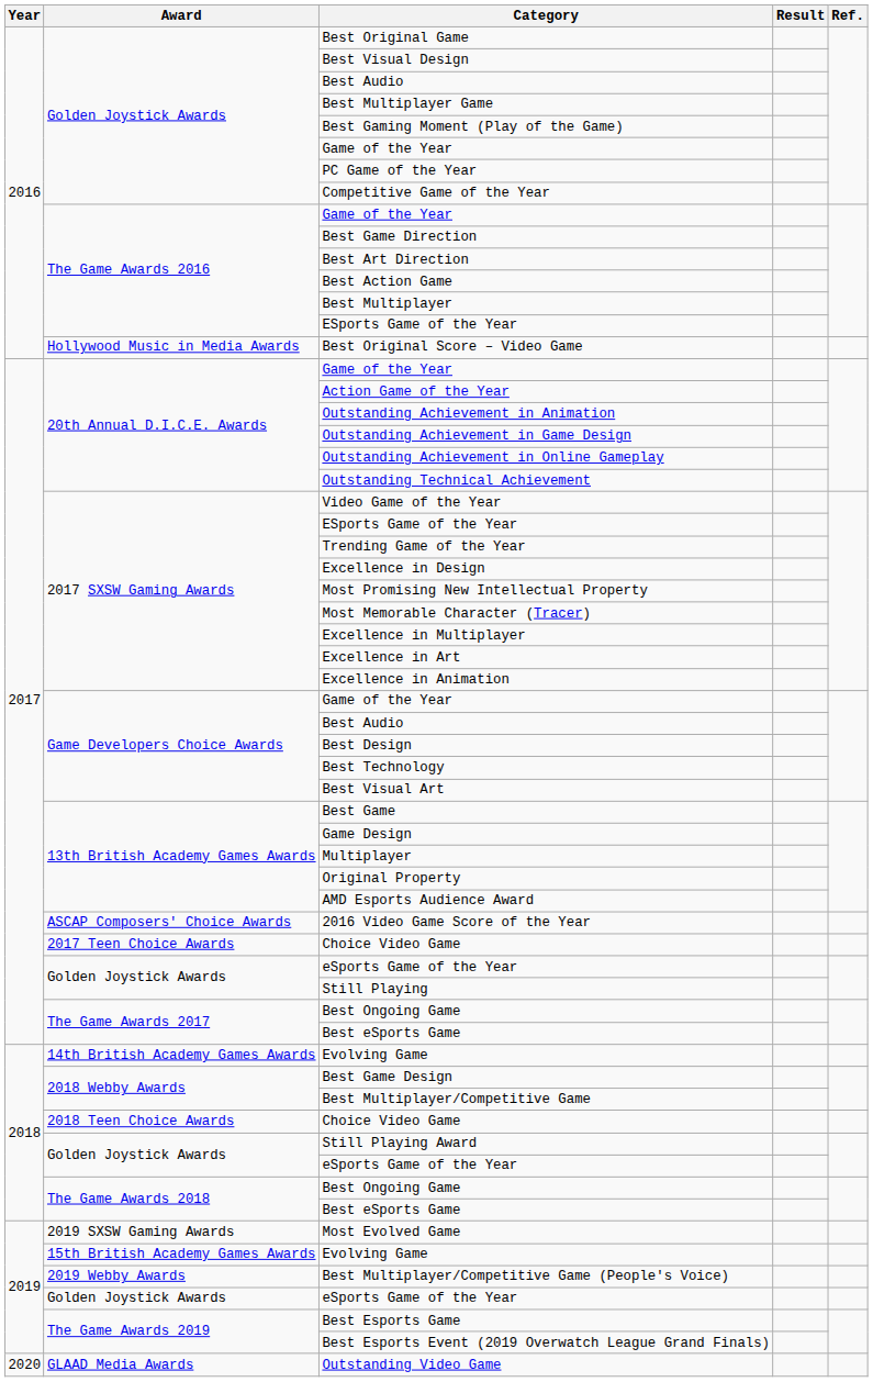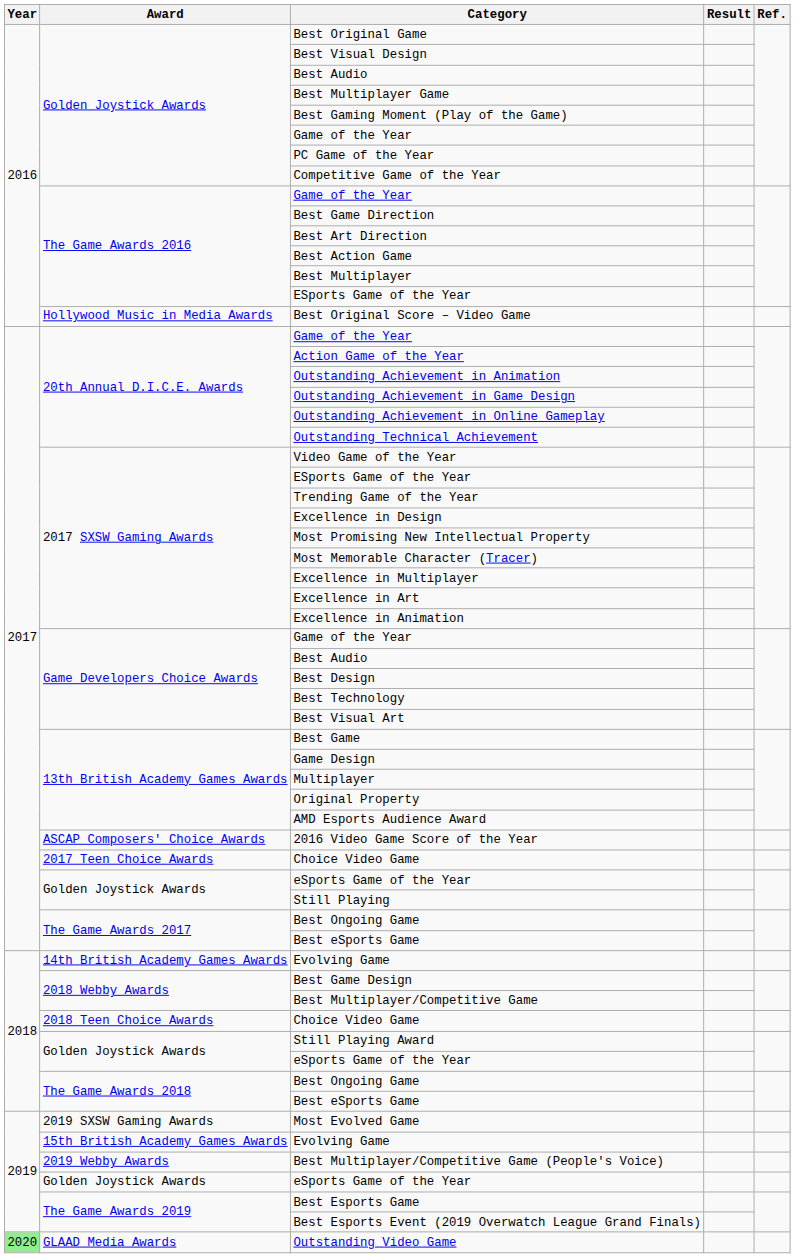 <table class="wikitable sortable mw-collapsible">
 <tr>
 <th>Year</th>
 <th>Award</th>
 <th>Category</th>
 <th>Result</th>
 <th>Ref.</th>
 </tr>
 <tr>
 <td rowspan="15" style="text-align:center;">2016</td>
 <td rowspan="8"><a href='#'>Golden Joystick Awards</a></td>
 <td>Best Original Game</td>
 <td></td>
 <td rowspan="8" style="text-align:center;"></td>
 </tr>
 <tr>
 <td>Best Visual Design</td>
 <td></td>
 </tr>
 <tr>
 <td>Best Audio</td>
 <td></td>
 </tr>
 <tr>
 <td>Best Multiplayer Game</td>
 <td></td>
 </tr>
 <tr>
 <td>Best Gaming Moment (Play of the Game)</td>
 <td></td>
 </tr>
 <tr>
 <td>Game of the Year</td>
 <td></td>
 </tr>
 <tr>
 <td>PC Game of the Year</td>
 <td></td>
 </tr>
 <tr>
 <td>Competitive Game of the Year</td>
 <td></td>
 </tr>
 <tr>
 <td rowspan="6"><a href='#'>The Game Awards 2016</a></td>
 <td><a href='#'>Game of the Year</a></td>
 <td></td>
 <td rowspan="6" style="text-align:center;"></td>
 </tr>
 <tr>
 <td>Best Game Direction</td>
 <td></td>
 </tr>
 <tr>
 <td>Best Art Direction</td>
 <td></td>
 </tr>
 <tr>
 <td>Best Action Game</td>
 <td></td>
 </tr>
 <tr>
 <td>Best Multiplayer</td>
 <td></td>
 </tr>
 <tr>
 <td>ESports Game of the Year</td>
 <td></td>
 </tr>
 <tr>
 <td rowspan="1"><a href='#'>Hollywood Music in Media Awards</a></td>
 <td>Best Original Score – Video Game</td>
 <td></td>
 <td style="text-align:center;"></td>
 </tr>
 <tr>
 <td rowspan="31" style="text-align:center;">2017</td>
 <td rowspan="6"><a href='#'>20th Annual D.I.C.E. Awards</a></td>
 <td><a href='#'>Game of the Year</a></td>
 <td></td>
 <td rowspan="6" style="text-align:center;"></td>
 </tr>
 <tr>
 <td><a href='#'>Action Game of the Year</a></td>
 <td></td>
 </tr>
 <tr>
 <td><a href='#'>Outstanding Achievement in Animation</a></td>
 <td></td>
 </tr>
 <tr>
 <td><a href='#'>Outstanding Achievement in Game Design</a></td>
 <td></td>
 </tr>
 <tr>
 <td><a href='#'>Outstanding Achievement in Online Gameplay</a></td>
 <td></td>
 </tr>
 <tr>
 <td><a href='#'>Outstanding Technical Achievement</a></td>
 <td></td>
 </tr>
 <tr>
 <td rowspan="9">2017 <a href='#'>SXSW Gaming Awards</a></td>
 <td>Video Game of the Year</td>
 <td></td>
 <td rowspan="9" style="text-align:center;"></td>
 </tr>
 <tr>
 <td>ESports Game of the Year</td>
 <td></td>
 </tr>
 <tr>
 <td>Trending Game of the Year</td>
 <td></td>
 </tr>
 <tr>
 <td>Excellence in Design</td>
 <td></td>
 </tr>
 <tr>
 <td>Most Promising New Intellectual Property</td>
 <td></td>
 </tr>
 <tr>
 <td>Most Memorable Character (<a href='#'>Tracer</a>)</td>
 <td></td>
 </tr>
 <tr>
 <td>Excellence in Multiplayer</td>
 <td></td>
 </tr>
 <tr>
 <td>Excellence in Art</td>
 <td></td>
 </tr>
 <tr>
 <td>Excellence in Animation</td>
 <td></td>
 </tr>
 <tr>
 <td rowspan="5"><a href='#'>Game Developers Choice Awards</a></td>
 <td>Game of the Year</td>
 <td></td>
 <td rowspan="5" style="text-align:center;"></td>
 </tr>
 <tr>
 <td>Best Audio</td>
 <td></td>
 </tr>
 <tr>
 <td>Best Design</td>
 <td></td>
 </tr>
 <tr>
 <td>Best Technology</td>
 <td></td>
 </tr>
 <tr>
 <td>Best Visual Art</td>
 <td></td>
 </tr>
 <tr>
 <td rowspan="5"><a href='#'>13th British Academy Games Awards</a></td>
 <td>Best Game</td>
 <td></td>
 <td rowspan="5" style="text-align:center;"></td>
 </tr>
 <tr>
 <td>Game Design</td>
 <td></td>
 </tr>
 <tr>
 <td>Multiplayer</td>
 <td></td>
 </tr>
 <tr>
 <td>Original Property</td>
 <td></td>
 </tr>
 <tr>
 <td>AMD Esports Audience Award</td>
 <td></td>
 </tr>
 <tr>
 <td rowspan="1"><a href='#'>ASCAP Composers' Choice Awards</a></td>
 <td>2016 Video Game Score of the Year</td>
 <td></td>
 <td rowspan="1" style="text-align:center;"></td>
 </tr>
 <tr>
 <td rowspan="1"><a href='#'>2017 Teen Choice Awards</a></td>
 <td>Choice Video Game</td>
 <td></td>
 <td rowspan="1" style="text-align:center;"></td>
 </tr>
 <tr>
 <td rowspan="2">Golden Joystick Awards</td>
 <td>eSports Game of the Year</td>
 <td></td>
 <td rowspan="2" style="text-align:center;"></td>
 </tr>
 <tr>
 <td>Still Playing</td>
 <td></td>
 </tr>
 <tr>
 <td rowspan="2"><a href='#'>The Game Awards 2017</a></td>
 <td>Best Ongoing Game</td>
 <td></td>
 <td rowspan="2" style="text-align:center;"></td>
 </tr>
 <tr>
 <td>Best eSports Game</td>
 <td></td>
 </tr>
 <tr>
 <td rowspan="8" style="text-align:center;">2018</td>
 <td rowspan="1"><a href='#'>14th British Academy Games Awards</a></td>
 <td>Evolving Game</td>
 <td></td>
 <td rowspan="1" style="text-align:center;"></td>
 </tr>
 <tr>
 <td rowspan="2"><a href='#'>2018 Webby Awards</a></td>
 <td>Best Game Design</td>
 <td></td>
 <td rowspan="2" style="text-align:center;"></td>
 </tr>
 <tr>
 <td>Best Multiplayer/Competitive Game</td>
 <td></td>
 </tr>
 <tr>
 <td rowspan="1"><a href='#'>2018 Teen Choice Awards</a></td>
 <td>Choice Video Game</td>
 <td></td>
 <td rowspan="1" style="text-align:center;"></td>
 </tr>
 <tr>
 <td rowspan="2">Golden Joystick Awards</td>
 <td>Still Playing Award</td>
 <td></td>
 <td rowspan="2" style="text-align:center;"></td>
 </tr>
 <tr>
 <td>eSports Game of the Year</td>
 <td></td>
 </tr>
 <tr>
 <td rowspan="2"><a href='#'>The Game Awards 2018</a></td>
 <td>Best Ongoing Game</td>
 <td></td>
 <td rowspan="2" style="text-align:center;"></td>
 </tr>
 <tr>
 <td>Best eSports Game</td>
 <td></td>
 </tr>
 <tr>
 <td rowspan="6" style="text-align:center;">2019</td>
 <td rowspan="1">2019 SXSW Gaming Awards</td>
 <td>Most Evolved Game</td>
 <td></td>
 <td rowspan="1" style="text-align:center;"></td>
 </tr>
 <tr>
 <td rowspan="1"><a href='#'>15th British Academy Games Awards</a></td>
 <td>Evolving Game</td>
 <td></td>
 <td rowspan="1" style="text-align:center;"></td>
 </tr>
 <tr>
 <td rowspan="1"><a href='#'>2019 Webby Awards</a></td>
 <td>Best Multiplayer/Competitive Game (People's Voice)</td>
 <td></td>
 <td rowspan="1" style="text-align:center;"></td>
 </tr>
 <tr>
 <td rowspan="1">Golden Joystick Awards</td>
 <td>eSports Game of the Year</td>
 <td></td>
 <td rowspan="1" style="text-align:center;"></td>
 </tr>
 <tr>
 <td rowspan="2"><a href='#'>The Game Awards 2019</a></td>
 <td>Best Esports Game</td>
 <td></td>
 <td rowspan="2" style="text-align:center;"></td>
 </tr>
 <tr>
 <td>Best Esports Event (2019 Overwatch League Grand Finals)</td>
 <td></td>
 </tr>
 <tr>
-<td rowspan="1" style="text-align:center;">2020</td>
+<td rowspan="1" style="background: lightgreen; text-align:center;">2020</td>
 <td rowspan="1"><a href='#'>GLAAD Media Awards</a></td>
 <td><a href='#'>Outstanding Video Game</a></td>
 <td></td>
 <td rowspan="1" style="text-align:center;"></td>
 </tr>
 </table>
